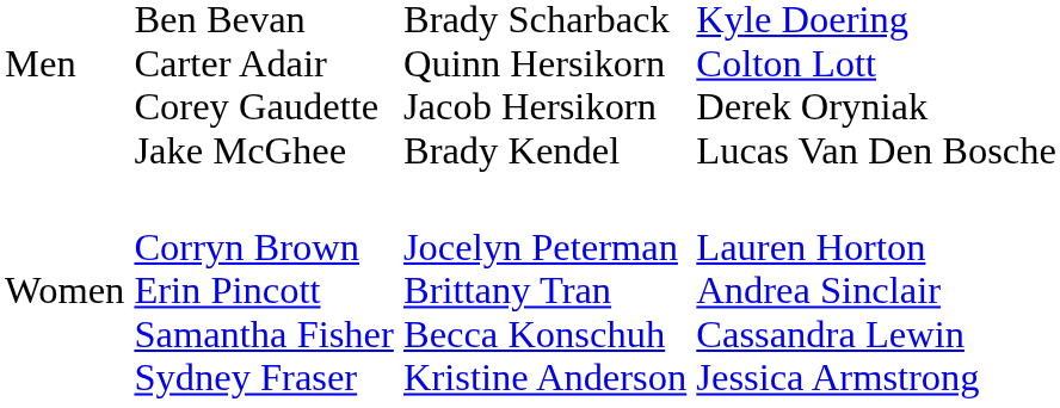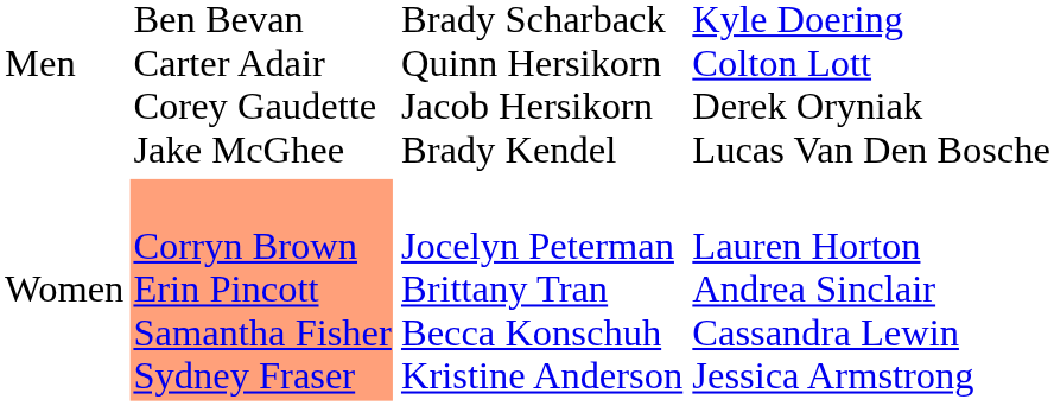 <table>
 <tr>
 <td>Men</td>
 <td><br>Ben Bevan<br>Carter Adair<br>Corey Gaudette<br>Jake McGhee</td>
 <td><br>Brady Scharback<br>Quinn Hersikorn<br>Jacob Hersikorn<br>Brady Kendel</td>
 <td><br><a href='#'>Kyle Doering</a><br><a href='#'>Colton Lott</a><br>Derek Oryniak<br>Lucas Van Den Bosche</td>
 </tr>
 <tr>
 <td>Women</td>
-<td><br><a href='#'>Corryn Brown</a><br><a href='#'>Erin Pincott</a><br><a href='#'>Samantha Fisher</a><br><a href='#'>Sydney Fraser</a></td>
+<td style="background: lightsalmon;"><br><a href='#'>Corryn Brown</a><br><a href='#'>Erin Pincott</a><br><a href='#'>Samantha Fisher</a><br><a href='#'>Sydney Fraser</a></td>
 <td><br><a href='#'>Jocelyn Peterman</a><br><a href='#'>Brittany Tran</a><br><a href='#'>Becca Konschuh</a><br><a href='#'>Kristine Anderson</a></td>
 <td><br><a href='#'>Lauren Horton</a><br><a href='#'>Andrea Sinclair</a><br><a href='#'>Cassandra Lewin</a><br><a href='#'>Jessica Armstrong</a></td>
 </tr>
 </table>
